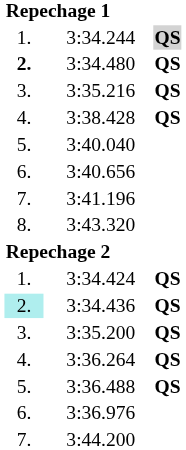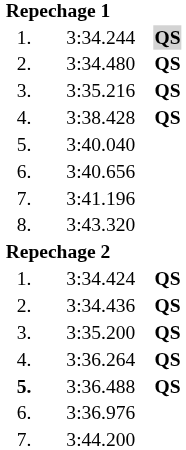 <table style="text-align:center">
 <tr>
 <td colspan=4 align=left><strong>Repechage 1</strong></td>
 </tr>
 <tr>
 <td width=30>1.</td>
 <td align=left></td>
 <td width=80>3:34.244</td>
 <td style="background: lightgrey;"><strong>QS</strong></td>
 </tr>
 <tr>
-<td><strong>2.</strong></td>
+<td>2.</td>
 <td align=left></td>
 <td>3:34.480</td>
 <td><strong>QS</strong></td>
 </tr>
 <tr>
 <td>3.</td>
 <td align=left></td>
 <td>3:35.216</td>
 <td><strong>QS</strong></td>
 </tr>
 <tr>
 <td>4.</td>
 <td align=left></td>
 <td>3:38.428</td>
 <td><strong>QS</strong></td>
 </tr>
 <tr>
 <td>5.</td>
 <td align=left></td>
 <td>3:40.040</td>
 <td></td>
 </tr>
 <tr>
 <td>6.</td>
 <td align=left></td>
 <td>3:40.656</td>
 <td></td>
 </tr>
 <tr>
 <td>7.</td>
 <td align=left></td>
 <td>3:41.196</td>
 <td></td>
 </tr>
 <tr>
 <td>8.</td>
 <td align=left></td>
 <td>3:43.320</td>
 <td></td>
 </tr>
 <tr>
 <td colspan=4 align=left><strong>Repechage 2</strong></td>
 </tr>
 <tr>
 <td>1.</td>
 <td align=left></td>
 <td>3:34.424</td>
 <td><strong>QS</strong></td>
 </tr>
 <tr>
-<td style="background: paleturquoise;">2.</td>
+<td>2.</td>
 <td align=left></td>
 <td>3:34.436</td>
 <td><strong>QS</strong></td>
 </tr>
 <tr>
 <td>3.</td>
 <td align=left></td>
 <td>3:35.200</td>
 <td><strong>QS</strong></td>
 </tr>
 <tr>
 <td>4.</td>
 <td align=left></td>
 <td>3:36.264</td>
 <td><strong>QS</strong></td>
 </tr>
 <tr>
-<td>5.</td>
+<td><strong>5.</strong></td>
 <td align=left></td>
 <td>3:36.488</td>
 <td><strong>QS</strong></td>
 </tr>
 <tr>
 <td>6.</td>
 <td align=left></td>
 <td>3:36.976</td>
 <td></td>
 </tr>
 <tr>
 <td>7.</td>
 <td align=left></td>
 <td>3:44.200</td>
 <td></td>
 </tr>
 </table>
